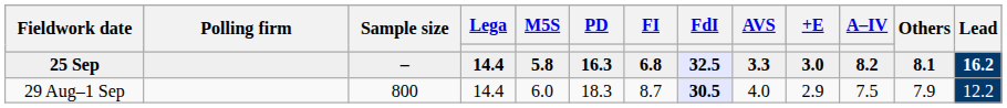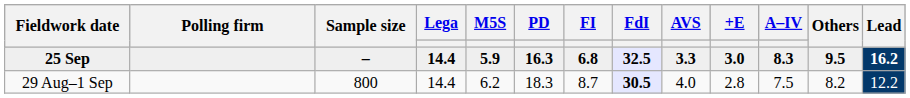 <table class="wikitable mw-collapsible" style="text-align:center;font-size:85%;line-height:13px">
 <tr style="height:30px; background-color:#8B8B8B">
 <th rowspan="2" style="width:100px;">Fieldwork date</th>
 <th rowspan="2" style="width:150px;">Polling firm</th>
 <th rowspan="2" style="width:80px;">Sample size</th>
 <th style="width:35px;"><a href='#'>Lega</a></th>
 <th style="width:35px;"><a href='#'>M5S</a></th>
 <th style="width:35px;"><a href='#'>PD</a></th>
 <th style="width:35px;"><a href='#'>FI</a></th>
 <th style="width:35px;"><a href='#'>FdI</a></th>
 <th style="width:35px;"><a href='#'>AVS</a></th>
 <th style="width:35px;"><a href='#'>+E</a></th>
 <th style="width:35px;"><a href='#'>A–IV</a></th>
 <th rowspan="2" style="width:35px;">Others</th>
 <th rowspan="2" style="width:25px;">Lead</th>
 </tr>
 <tr>
 <th style="background:"></th>
 <th style="background:"></th>
 <th style="background:"></th>
 <th style="background:"></th>
 <th style="background:"></th>
 <th style="background:"></th>
 <th style="background:"></th>
 <th style="background:"></th>
 </tr>
 <tr style="background:#EFEFEF; font-weight:bold;">
 <td>25 Sep</td>
 <td></td>
 <td>–</td>
 <td>14.4</td>
-<td>5.8</td>
+<td>5.9</td>
 <td>16.3</td>
 <td>6.8</td>
 <td style="background:#E5E7FF;">32.5</td>
 <td>3.3</td>
 <td>3.0</td>
-<td>8.2</td>
-<td>8.1</td>
+<td>8.3</td>
+<td>9.5</td>
 <td style="background:#03386A; color: white;">16.2</td>
 </tr>
 <tr>
 <td>29 Aug–1 Sep</td>
 <td></td>
 <td>800</td>
 <td>14.4</td>
-<td>6.0</td>
+<td>6.2</td>
 <td>18.3</td>
 <td>8.7</td>
 <td style="background:#E5E7FF;"><strong>30.5</strong></td>
 <td>4.0</td>
-<td>2.9</td>
+<td>2.8</td>
 <td>7.5</td>
-<td>7.9</td>
+<td>8.2</td>
 <td style="background:#03386A; color: white;">12.2</td>
 </tr>
 </table>
